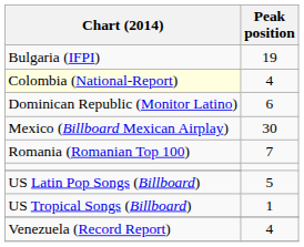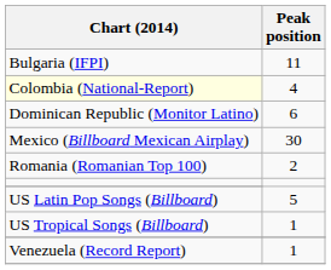 <table class="wikitable sortable">
 <tr>
 <th>Chart (2014)</th>
 <th>Peak<br>position</th>
 </tr>
 <tr>
 <td>Bulgaria (<a href='#'>IFPI</a>)</td>
-<td align="center">19</td>
+<td align="center">11</td>
 </tr>
 <tr>
 <td style="background: lightyellow;">Colombia (<a href='#'>National-Report</a>)</td>
 <td align="center">4</td>
 </tr>
 <tr>
 <td>Dominican Republic (<a href='#'>Monitor Latino</a>)</td>
 <td align="center">6</td>
 </tr>
 <tr>
 <td>Mexico (<a href='#'><em>Billboard</em> Mexican Airplay</a>)</td>
 <td align="center">30</td>
 </tr>
 <tr>
 <td>Romania (<a href='#'>Romanian Top 100</a>)</td>
-<td align="center">7</td>
+<td align="center">2</td>
 </tr>
 <tr>
 <td></td>
 </tr>
 <tr>
 </tr>
 <tr>
 <td>US <a href='#'>Latin Pop Songs</a> (<em><a href='#'>Billboard</a></em>)</td>
 <td style="text-align:center;">5</td>
 </tr>
 <tr>
 <td>US <a href='#'>Tropical Songs</a> (<em><a href='#'>Billboard</a></em>)</td>
 <td style="text-align:center;">1</td>
 </tr>
 <tr>
 </tr>
 <tr>
 </tr>
 <tr>
 <td>Venezuela (<a href='#'>Record Report</a>)</td>
-<td align="center">4</td>
+<td align="center">1</td>
 </tr>
 <tr>
 </tr>
 </table>
